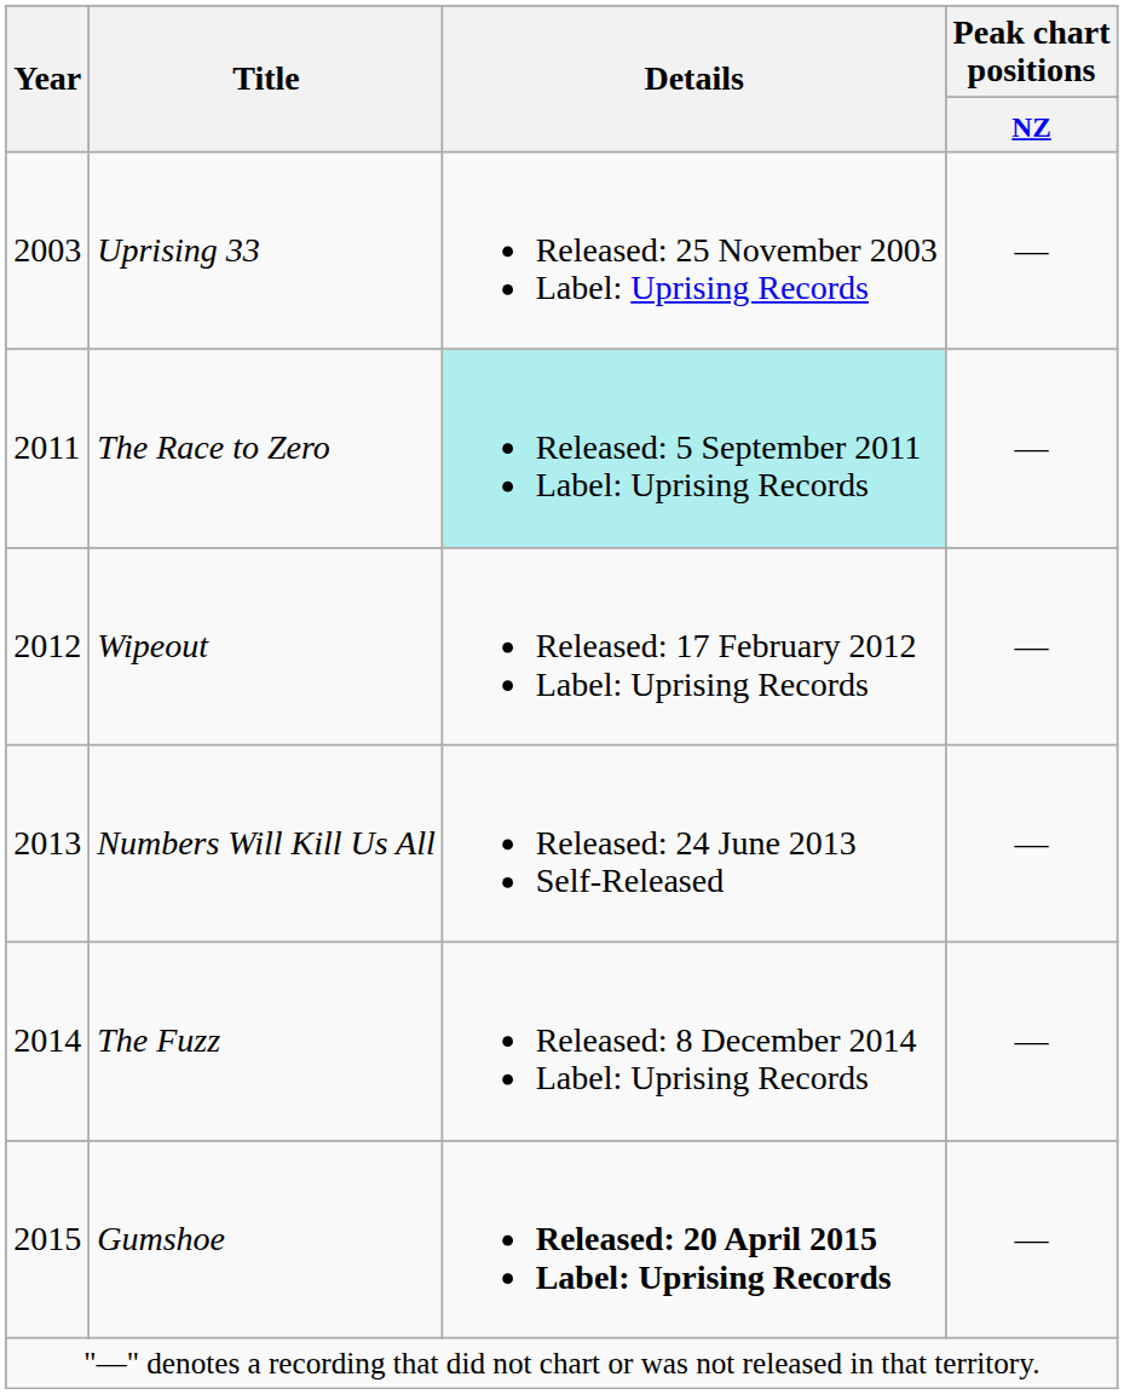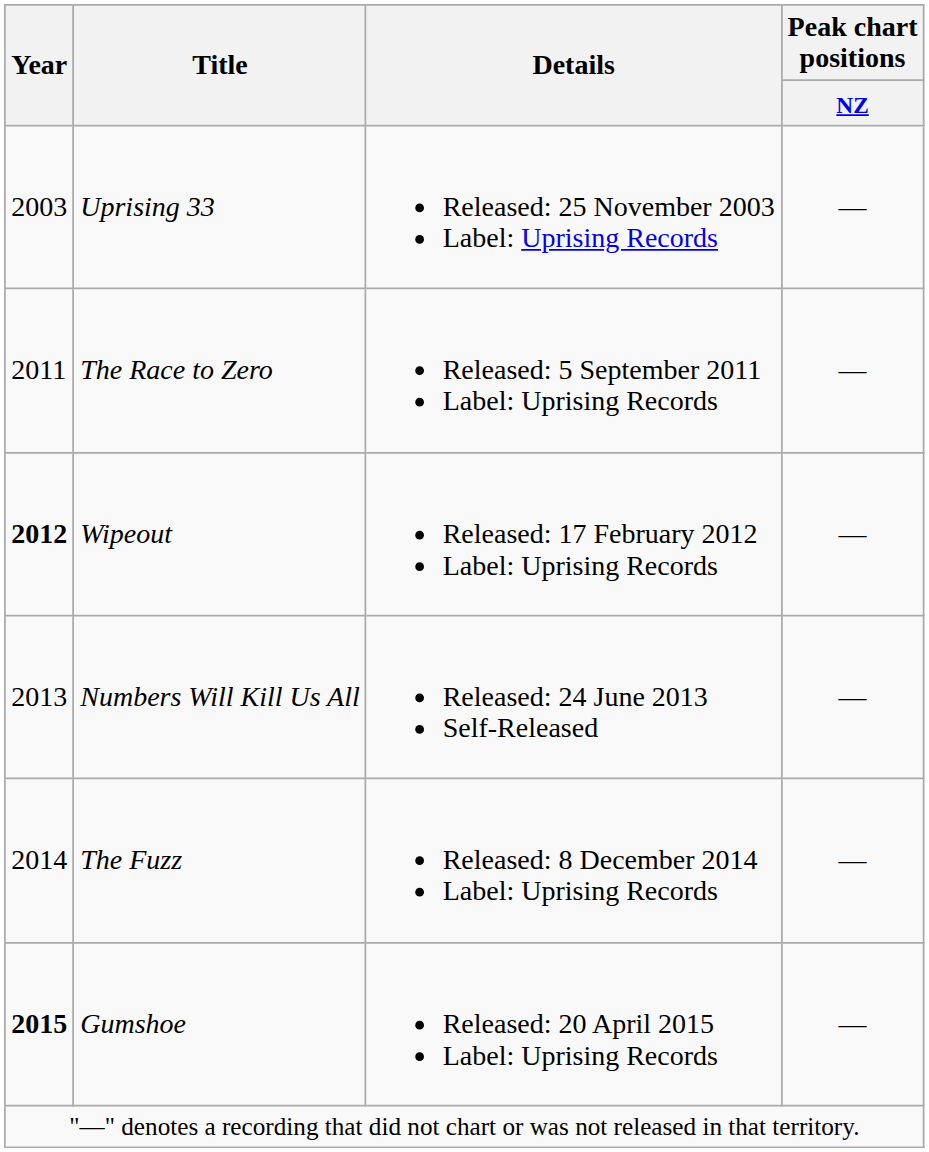 <table class="wikitable plainrowheaders">
 <tr>
 <th rowspan="2">Year</th>
 <th rowspan="2">Title</th>
 <th rowspan="2">Details</th>
 <th>Peak chart<br>positions</th>
 </tr>
 <tr>
 <th><small><a href='#'>NZ</a></small></th>
 </tr>
 <tr>
 <td>2003</td>
 <td><em>Uprising 33</em></td>
 <td><br><ul><li>Released: 25 November 2003</li><li>Label: <a href='#'>Uprising Records</a></li></ul></td>
 <td align="center">—</td>
 </tr>
 <tr>
 <td>2011</td>
 <td><em>The Race to Zero</em></td>
-<td style="background: paleturquoise;"><br><ul><li>Released: 5 September 2011</li><li>Label: Uprising Records</li></ul></td>
+<td><br><ul><li>Released: 5 September 2011</li><li>Label: Uprising Records</li></ul></td>
 <td align="center">—</td>
 </tr>
 <tr>
-<td>2012</td>
+<td><strong>2012</strong></td>
 <td><em>Wipeout</em></td>
 <td><br><ul><li>Released: 17 February 2012</li><li>Label: Uprising Records</li></ul></td>
 <td align="center">—</td>
 </tr>
 <tr>
 <td>2013</td>
 <td><em>Numbers Will Kill Us All</em></td>
 <td><br><ul><li>Released: 24 June 2013</li><li>Self-Released</li></ul></td>
 <td align="center">—</td>
 </tr>
 <tr>
 <td>2014</td>
 <td><em>The Fuzz</em></td>
 <td><br><ul><li>Released: 8 December 2014</li><li>Label: Uprising Records</li></ul></td>
 <td align="center">—</td>
 </tr>
 <tr>
-<td>2015</td>
+<td><strong>2015</strong></td>
 <td><em>Gumshoe</em></td>
-<td><strong><br><ul><li>Released: 20 April 2015</li><li>Label: Uprising Records</li></ul></strong></td>
+<td><br><ul><li>Released: 20 April 2015</li><li>Label: Uprising Records</li></ul></td>
 <td align="center">—</td>
 </tr>
 <tr>
 <td colspan="4" style="font-size:90%" align="center">"—" denotes a recording that did not chart or was not released in that territory.</td>
 </tr>
 <tr>
 </tr>
 </table>
